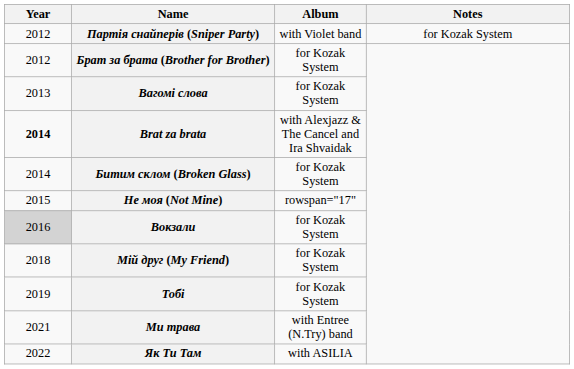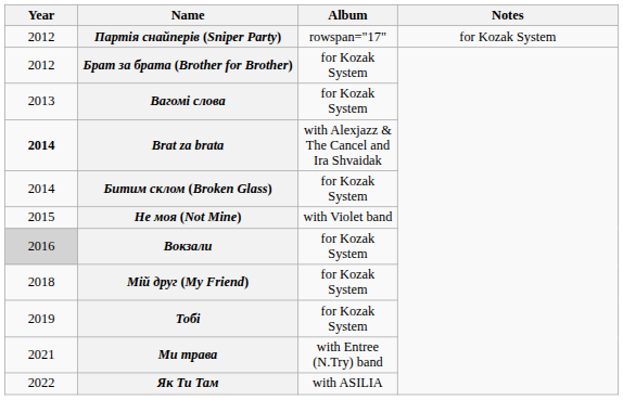 <table class="wikitable plainrowheaders" style="text-align:center;" border="1">
 <tr>
 <th scope="col" style="width:5em;">Year</th>
 <th scope="col" style="width:16em;">Name</th>
 <th scope="col" style="width:7em;">Album</th>
 <th scope="col" style="width:16em;">Notes</th>
 </tr>
 <tr>
 <td rowspan="1" style="text-align:center;">2012</td>
 <th scope="row"><em>Партія снайперів</em> (<em>Sniper Party</em>)</th>
-<td>with Violet band</td>
+<td>rowspan="17" </td>
 <td>for Kozak System</td>
 </tr>
 <tr>
 <td rowspan="1" style="text-align:center;">2012</td>
 <th scope="row"><em>Брат за брата</em> (<em>Brother for Brother</em>)</th>
 <td>for Kozak System</td>
 </tr>
 <tr>
 <td rowspan="1" style="text-align:center;">2013</td>
 <th scope="row"><em>Вагомі слова</em></th>
 <td>for Kozak System</td>
 </tr>
 <tr>
 <td rowspan="1" style="text-align:center;"><strong>2014</strong></td>
 <th scope="row"><em>Brat za brata</em></th>
 <td>with  Alexjazz & The Cancel and Ira Shvaidak</td>
 </tr>
 <tr>
 <td rowspan="1" style="text-align:center;">2014</td>
 <th scope="row"><em>Битим склом</em> (<em>Broken Glass</em>)</th>
 <td>for Kozak System</td>
 </tr>
 <tr>
 <td rowspan="1" style="text-align:center;">2015</td>
 <th scope="row"><em>Не моя</em> (<em>Not Mine</em>)</th>
-<td>rowspan="17" </td>
+<td>with Violet band</td>
 </tr>
 <tr>
 <td rowspan="1" style="background: lightgrey; text-align:center;">2016</td>
 <th scope="row"><em>Вокзали</em></th>
 <td>for Kozak System</td>
 </tr>
 <tr>
 <td rowspan="1" style="text-align:center;">2018</td>
 <th scope="row"><em>Мій друг</em> (<em>My Friend</em>)</th>
 <td>for Kozak System</td>
 </tr>
 <tr>
 <td rowspan="1" style="text-align:center;">2019</td>
 <th scope="row"><em>Тобі</em></th>
 <td>for Kozak System</td>
 </tr>
 <tr>
 <td rowspan="1" style="text-align:center;">2021</td>
 <th scope="row"><em>Ми трава</em></th>
 <td>with Entree (N.Try) band</td>
 </tr>
 <tr>
 <td rowspan="1" style="text-align:center;">2022</td>
 <th scope="row"><em>Як Ти Там</em></th>
 <td>with ASILIA</td>
 </tr>
 </table>
